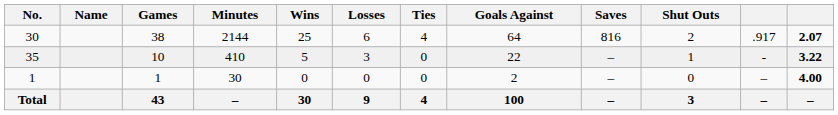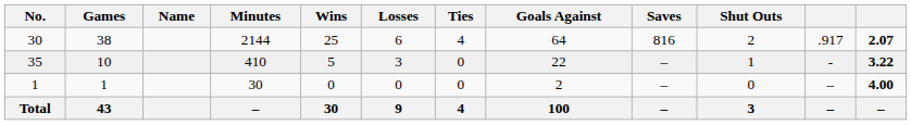 <table class="wikitable sortable" width ="1000">
 <tr align="center">
 <th><strong>No.</strong></th>
+<th><strong>Games</strong></th>
 <th><strong>Name</strong></th>
-<th><strong>Games</strong></th>
 <th><strong>Minutes</strong></th>
 <th><strong>Wins</strong></th>
 <th><strong>Losses</strong></th>
 <th><strong>Ties</strong></th>
 <th><strong>Goals Against</strong></th>
 <th><strong>Saves</strong></th>
 <th><strong>Shut Outs</strong></th>
 <th><strong><a href='#'></a></strong></th>
 <th><strong><a href='#'></a></strong></th>
 </tr>
 <tr align="center">
 <td>30</td>
+<td>38</td>
 <td></td>
-<td>38</td>
 <td>2144</td>
 <td>25</td>
 <td>6</td>
 <td>4</td>
 <td>64</td>
 <td>816</td>
 <td>2</td>
 <td>.917</td>
 <td><strong>2.07</strong></td>
 </tr>
 <tr align="center" bgcolor="#f0f0f0">
 <td>35</td>
+<td>10</td>
 <td></td>
-<td>10</td>
 <td>410</td>
 <td>5</td>
 <td>3</td>
 <td>0</td>
 <td>22</td>
 <td>–</td>
 <td>1</td>
 <td>-</td>
 <td><strong>3.22</strong></td>
 </tr>
 <tr align="center">
 <td>1</td>
+<td>1</td>
 <td></td>
-<td>1</td>
 <td>30</td>
 <td>0</td>
 <td>0</td>
 <td>0</td>
 <td>2</td>
 <td>–</td>
 <td>0</td>
 <td>–</td>
 <td><strong>4.00</strong></td>
 </tr>
 <tr>
 <th>Total</th>
+<th>43</th>
 <th></th>
-<th>43</th>
 <th>–</th>
 <th>30</th>
 <th>9</th>
 <th>4</th>
 <th>100</th>
 <th>–</th>
 <th>3</th>
 <th>–</th>
 <th>–</th>
 </tr>
 </table>
